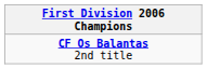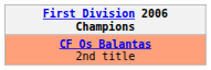 <table class="wikitable" style="margin: 0 auto; width: 240px;">
 <tr>
 <th><a href='#'>First Division</a> 2006<br>Champions</th>
 </tr>
 <tr>
-<td align=center><strong><a href='#'>CF Os Balantas</a></strong><br>2nd title</td>
+<td align=center style="background: lightsalmon;"><strong><a href='#'>CF Os Balantas</a></strong><br>2nd title</td>
 </tr>
 </table>
